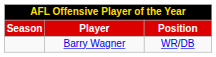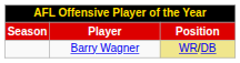 <table class="wikitable sortable" style="text-align:center">
 <tr>
 <td colspan="4" style="background:black; color:#FFDF00;"><strong>AFL Offensive Player of the Year</strong></td>
 </tr>
 <tr>
 <th style="width:50px; background:#d00; color:white;">Season</th>
 <th style="width:150px; background:#d00; color:white;">Player</th>
 <th style="width:100px; background:#d00; color:white;">Position</th>
 </tr>
 <tr>
 <td></td>
 <td><a href='#'>Barry Wagner</a></td>
-<td><a href='#'>WR</a>/<a href='#'>DB</a></td>
+<td style="background: khaki;"><a href='#'>WR</a>/<a href='#'>DB</a></td>
 </tr>
 </table>
